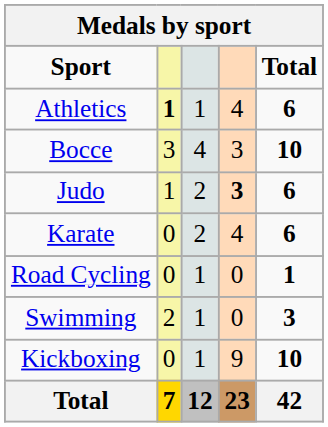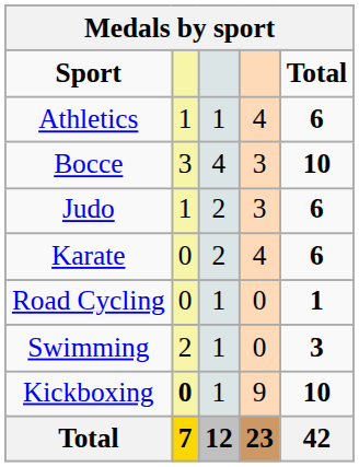 <table class="wikitable" style="font-size:85%">
 <tr style="background:#efefef;">
 <th colspan=7><strong>Medals by sport</strong></th>
 </tr>
 <tr align=center>
 <td><strong>Sport</strong></td>
 <td bgcolor=#f7f6a8></td>
 <td bgcolor=#dce5e5></td>
 <td bgcolor=#ffdab9></td>
 <td><strong>Total</strong></td>
 </tr>
 <tr align=center>
 <td><a href='#'>Athletics</a></td>
-<td style="background:#F7F6A8;"><strong>1</strong></td>
+<td style="background:#F7F6A8;">1</td>
 <td style="background:#DCE5E5;">1</td>
 <td style="background:#FFDAB9;">4</td>
 <td><strong>6</strong></td>
 </tr>
 <tr align=center>
 <td><a href='#'>Bocce</a></td>
 <td style="background:#F7F6A8;">3</td>
 <td style="background:#DCE5E5;">4</td>
 <td style="background:#FFDAB9;">3</td>
 <td><strong>10</strong></td>
 </tr>
 <tr align=center>
 <td><a href='#'>Judo</a></td>
 <td style="background:#F7F6A8;">1</td>
 <td style="background:#DCE5E5;">2</td>
-<td style="background:#FFDAB9;"><strong>3</strong></td>
+<td style="background:#FFDAB9;">3</td>
 <td><strong>6</strong></td>
 </tr>
 <tr align=center>
 <td><a href='#'>Karate</a></td>
 <td style="background:#F7F6A8;">0</td>
 <td style="background:#DCE5E5;">2</td>
 <td style="background:#FFDAB9;">4</td>
 <td><strong>6</strong></td>
 </tr>
 <tr align=center>
 <td><a href='#'>Road Cycling</a></td>
 <td style="background:#F7F6A8;">0</td>
 <td style="background:#DCE5E5;">1</td>
 <td style="background:#FFDAB9;">0</td>
 <td><strong>1</strong></td>
 </tr>
 <tr align=center>
 <td><a href='#'>Swimming</a></td>
 <td style="background:#F7F6A8;">2</td>
 <td style="background:#DCE5E5;">1</td>
 <td style="background:#FFDAB9;">0</td>
 <td><strong>3</strong></td>
 </tr>
 <tr align=center>
 <td><a href='#'>Kickboxing</a></td>
-<td style="background:#F7F6A8;">0</td>
+<td style="background:#F7F6A8;"><strong>0</strong></td>
 <td style="background:#DCE5E5;">1</td>
 <td style="background:#FFDAB9;">9</td>
 <td><strong>10</strong></td>
 </tr>
 <tr align=center>
 <th><strong>Total</strong></th>
 <th style="background:gold;"><strong>7</strong></th>
 <th style="background:silver;"><strong>12</strong></th>
 <th style="background:#c96;"><strong>23</strong></th>
 <th><strong>42</strong></th>
 </tr>
 </table>
